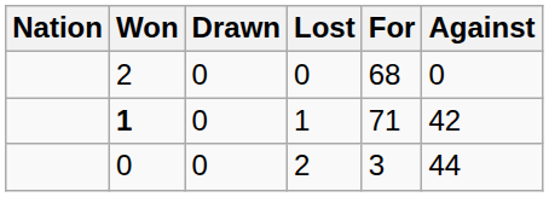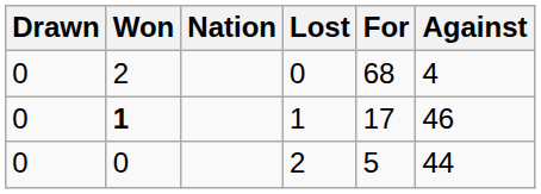 <table class="wikitable">
 <tr>
+<th>Drawn</th>
+<th>Won</th>
 <th>Nation</th>
-<th>Won</th>
-<th>Drawn</th>
 <th>Lost</th>
 <th>For</th>
 <th>Against</th>
 </tr>
 <tr>
+<td>0</td>
+<td>2</td>
+<td></td>
+<td>0</td>
+<td>68</td>
+<td>4</td>
+</tr>
+<tr>
+<td>0</td>
+<td><strong>1</strong></td>
+<td></td>
+<td>1</td>
+<td>17</td>
+<td>46</td>
+</tr>
+<tr>
+<td>0</td>
+<td>0</td>
 <td></td>
 <td>2</td>
-<td>0</td>
-<td>0</td>
-<td>68</td>
-<td>0</td>
-</tr>
-<tr>
-<td></td>
-<td><strong>1</strong></td>
-<td>0</td>
-<td>1</td>
-<td>71</td>
-<td>42</td>
-</tr>
-<tr>
-<td></td>
-<td>0</td>
-<td>0</td>
-<td>2</td>
-<td>3</td>
+<td>5</td>
 <td>44</td>
 </tr>
 </table>
